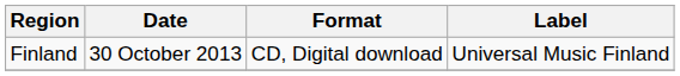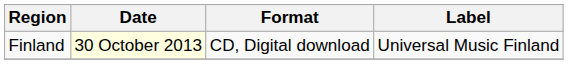 <table class=wikitable>
 <tr>
 <th>Region</th>
 <th>Date</th>
 <th>Format</th>
 <th>Label</th>
 </tr>
 <tr>
 <td>Finland</td>
-<td>30 October 2013</td>
+<td style="background: lightyellow;">30 October 2013</td>
 <td>CD, Digital download</td>
 <td>Universal Music Finland</td>
 </tr>
 <tr>
 </tr>
 </table>
